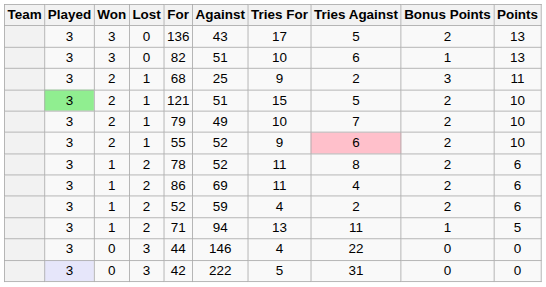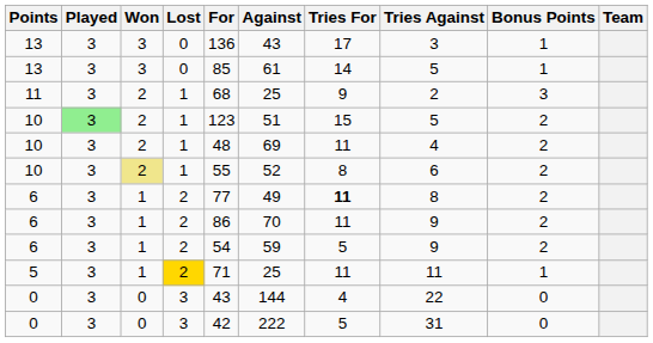 <table class="wikitable">
 <tr>
-<th>Team</th>
+<th>Points</th>
 <th>Played</th>
 <th>Won</th>
 <th>Lost</th>
 <th>For</th>
 <th>Against</th>
 <th>Tries For</th>
 <th>Tries Against</th>
 <th>Bonus Points</th>
-<th>Points</th>
+<th>Team</th>
 </tr>
 <tr align=center>
-<th style="text-align:left;"></th>
+<td>13</td>
 <td>3</td>
 <td>3</td>
 <td>0</td>
 <td>136</td>
 <td>43</td>
 <td>17</td>
-<td>5</td>
-<td>2</td>
-<td>13</td>
+<td>3</td>
+<td>1</td>
+<th style="text-align:left;"></th>
 </tr>
 <tr align=center>
-<th style="text-align:left;"></th>
+<td>13</td>
 <td>3</td>
 <td>3</td>
 <td>0</td>
-<td>82</td>
-<td>51</td>
-<td>10</td>
-<td>6</td>
+<td>85</td>
+<td>61</td>
+<td>14</td>
+<td>5</td>
 <td>1</td>
-<td>13</td>
+<th style="text-align:left;"></th>
 </tr>
 <tr align=center>
-<th style="text-align:left;"></th>
+<td>11</td>
 <td>3</td>
 <td>2</td>
 <td>1</td>
 <td>68</td>
 <td>25</td>
 <td>9</td>
 <td>2</td>
 <td>3</td>
-<td>11</td>
+<th style="text-align:left;"></th>
 </tr>
 <tr align=center>
-<th style="text-align:left;"></th>
+<td>10</td>
 <td style="background: lightgreen;">3</td>
 <td>2</td>
 <td>1</td>
-<td>121</td>
+<td>123</td>
 <td>51</td>
 <td>15</td>
 <td>5</td>
 <td>2</td>
-<td>10</td>
+<th style="text-align:left;"></th>
 </tr>
 <tr align=center>
-<th style="text-align:left;"></th>
+<td>10</td>
 <td>3</td>
 <td>2</td>
 <td>1</td>
-<td>79</td>
-<td>49</td>
-<td>10</td>
-<td>7</td>
+<td>48</td>
+<td>69</td>
+<td>11</td>
+<td>4</td>
 <td>2</td>
-<td>10</td>
+<th style="text-align:left;"></th>
 </tr>
 <tr align=center>
-<th style="text-align:left;"></th>
+<td>10</td>
 <td>3</td>
-<td>2</td>
+<td style="background: khaki;">2</td>
 <td>1</td>
 <td>55</td>
 <td>52</td>
-<td>9</td>
-<td style="background: pink;">6</td>
+<td>8</td>
+<td>6</td>
 <td>2</td>
-<td>10</td>
+<th style="text-align:left;"></th>
 </tr>
 <tr align=center>
-<th style="text-align:left;"></th>
+<td>6</td>
 <td>3</td>
 <td>1</td>
 <td>2</td>
-<td>78</td>
-<td>52</td>
-<td>11</td>
+<td>77</td>
+<td>49</td>
+<td><strong>11</strong></td>
 <td>8</td>
 <td>2</td>
-<td>6</td>
+<th style="text-align:left;"></th>
 </tr>
 <tr align=center>
-<th style="text-align:left;"></th>
+<td>6</td>
 <td>3</td>
 <td>1</td>
 <td>2</td>
 <td>86</td>
-<td>69</td>
+<td>70</td>
 <td>11</td>
-<td>4</td>
+<td>9</td>
 <td>2</td>
-<td>6</td>
+<th style="text-align:left;"></th>
 </tr>
 <tr align=center>
-<th style="text-align:left;"></th>
+<td>6</td>
 <td>3</td>
 <td>1</td>
 <td>2</td>
-<td>52</td>
+<td>54</td>
 <td>59</td>
-<td>4</td>
+<td>5</td>
+<td>9</td>
 <td>2</td>
-<td>2</td>
-<td>6</td>
+<th style="text-align:left;"></th>
 </tr>
 <tr align=center>
-<th style="text-align:left;"></th>
+<td>5</td>
 <td>3</td>
 <td>1</td>
-<td>2</td>
+<td style="background: gold;">2</td>
 <td>71</td>
-<td>94</td>
-<td>13</td>
+<td>25</td>
+<td>11</td>
 <td>11</td>
 <td>1</td>
-<td>5</td>
+<th style="text-align:left;"></th>
 </tr>
 <tr align=center>
-<th style="text-align:left;"></th>
+<td>0</td>
 <td>3</td>
 <td>0</td>
 <td>3</td>
-<td>44</td>
-<td>146</td>
+<td>43</td>
+<td>144</td>
 <td>4</td>
 <td>22</td>
 <td>0</td>
-<td>0</td>
+<th style="text-align:left;"></th>
 </tr>
 <tr align=center>
-<th style="text-align:left;"></th>
-<td style="background: lavender;">3</td>
+<td>0</td>
+<td>3</td>
 <td>0</td>
 <td>3</td>
 <td>42</td>
 <td>222</td>
 <td>5</td>
 <td>31</td>
 <td>0</td>
-<td>0</td>
+<th style="text-align:left;"></th>
 </tr>
 </table>
